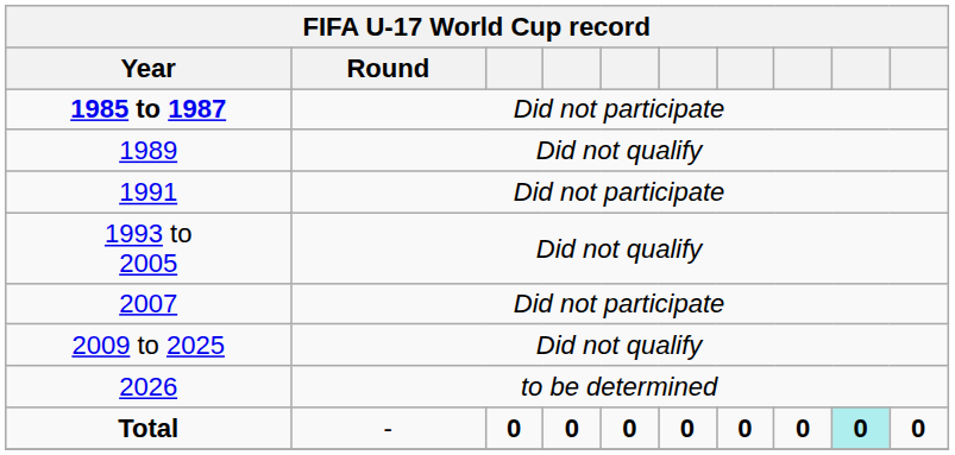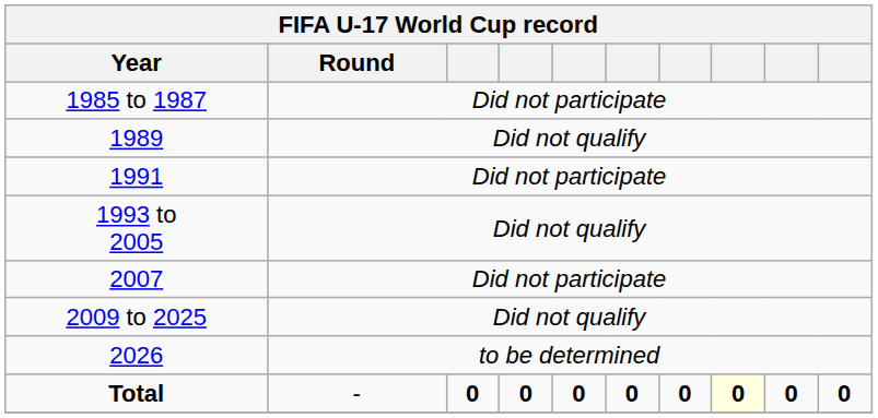 <table class="wikitable" style="text-align: center; font-size: 90%;">
 <tr>
 <th colspan=10>FIFA U-17 World Cup record</th>
 </tr>
 <tr>
 <th width=150>Year</th>
 <th width=100>Round</th>
 <th width=25></th>
 <th width=25></th>
 <th width=25></th>
 <th width=25></th>
 <th width=25></th>
 <th width=25></th>
 <th width=25></th>
 <th width=25></th>
 </tr>
 <tr>
-<td><strong> <a href='#'>1985</a> to  <a href='#'>1987</a></strong></td>
+<td> <a href='#'>1985</a> to  <a href='#'>1987</a></td>
 <td colspan=10><em>Did not participate</em></td>
 </tr>
 <tr>
 <td> <a href='#'>1989</a></td>
 <td colspan=10><em>Did not qualify</em></td>
 </tr>
 <tr>
 <td> <a href='#'>1991</a></td>
 <td colspan=10><em>Did not participate</em></td>
 </tr>
 <tr>
 <td> <a href='#'>1993</a> to <br> <a href='#'>2005</a></td>
 <td colspan=10><em>Did not qualify</em></td>
 </tr>
 <tr>
 <td> <a href='#'>2007</a></td>
 <td colspan=10><em>Did not participate</em></td>
 </tr>
 <tr>
 <td> <a href='#'>2009</a> to  <a href='#'>2025</a></td>
 <td colspan=10><em>Did not qualify</em></td>
 </tr>
 <tr>
 <td> <a href='#'>2026</a></td>
 <td colspan=10><em>to be determined</em></td>
 </tr>
 <tr>
 <td><strong>Total</strong></td>
 <td>-</td>
 <td><strong>0</strong></td>
 <td><strong>0</strong></td>
 <td><strong>0</strong></td>
 <td><strong>0</strong></td>
 <td><strong>0</strong></td>
+<td style="background: lightyellow;"><strong>0</strong></td>
 <td><strong>0</strong></td>
-<td style="background: paleturquoise;"><strong>0</strong></td>
 <td><strong>0</strong></td>
 </tr>
 <tr>
 </tr>
 </table>
